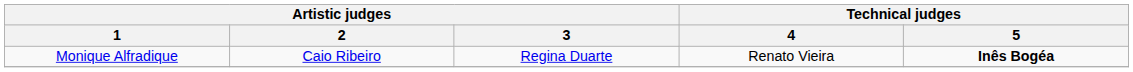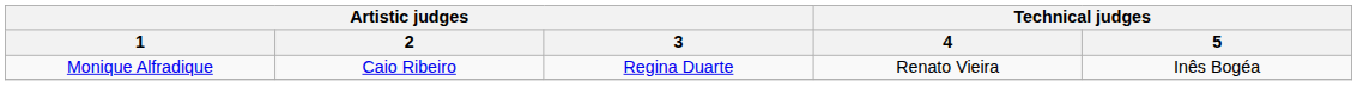 <table class="wikitable" style="font-size:100%; line-height:16px; text-align:center" width="100%">
 <tr>
 <th colspan=3>Artistic judges</th>
 <th colspan=2>Technical judges</th>
 </tr>
 <tr>
 <th style="width:20.0%;">1</th>
 <th style="width:20.0%;">2</th>
 <th style="width:20.0%;">3</th>
 <th style="width:20.0%;">4</th>
 <th style="width:20.0%;">5</th>
 </tr>
 <tr>
 <td><a href='#'>Monique Alfradique</a></td>
 <td><a href='#'>Caio Ribeiro</a></td>
 <td><a href='#'>Regina Duarte</a></td>
 <td>Renato Vieira</td>
-<td><strong>Inês Bogéa</strong></td>
+<td>Inês Bogéa</td>
 </tr>
 <tr>
 </tr>
 </table>
